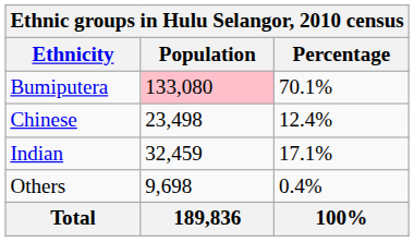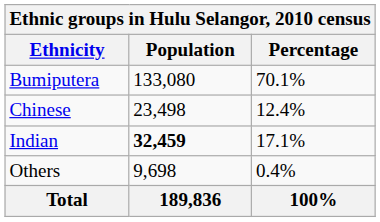 <table class="wikitable" style="margin: 1em auto 1em auto">
 <tr>
 <th style="text-align:center;" colspan="3">Ethnic groups in Hulu Selangor, 2010 census</th>
 </tr>
 <tr>
 <th><a href='#'>Ethnicity</a></th>
 <th>Population</th>
 <th>Percentage</th>
 </tr>
 <tr>
 <td><a href='#'>Bumiputera</a></td>
-<td style="background: pink;">133,080</td>
+<td>133,080</td>
 <td>70.1%</td>
 </tr>
 <tr>
 <td><a href='#'>Chinese</a></td>
 <td>23,498</td>
 <td>12.4%</td>
 </tr>
 <tr>
 <td><a href='#'>Indian</a></td>
-<td>32,459</td>
+<td><strong>32,459</strong></td>
 <td>17.1%</td>
 </tr>
 <tr>
 <td>Others</td>
 <td>9,698</td>
 <td>0.4%</td>
 </tr>
 <tr>
 <th>Total</th>
 <th>189,836</th>
 <th>100%</th>
 </tr>
 </table>
